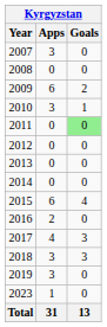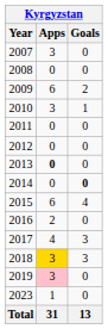 <table class="wikitable" style="text-align:center">
 <tr>
 <th colspan=3><a href='#'>Kyrgyzstan</a></th>
 </tr>
 <tr>
 <th>Year</th>
 <th>Apps</th>
 <th>Goals</th>
 </tr>
 <tr>
 <td>2007</td>
 <td>3</td>
 <td>0</td>
 </tr>
 <tr>
 <td>2008</td>
 <td>0</td>
 <td>0</td>
 </tr>
 <tr>
 <td>2009</td>
 <td>6</td>
 <td>2</td>
 </tr>
 <tr>
 <td>2010</td>
 <td>3</td>
 <td>1</td>
 </tr>
 <tr>
 <td>2011</td>
 <td>0</td>
-<td style="background: lightgreen;">0</td>
+<td>0</td>
 </tr>
 <tr>
 <td>2012</td>
 <td>0</td>
 <td>0</td>
 </tr>
 <tr>
 <td>2013</td>
-<td>0</td>
+<td><strong>0</strong></td>
 <td>0</td>
 </tr>
 <tr>
 <td>2014</td>
 <td>0</td>
-<td>0</td>
+<td><strong>0</strong></td>
 </tr>
 <tr>
 <td>2015</td>
 <td>6</td>
 <td>4</td>
 </tr>
 <tr>
 <td>2016</td>
 <td>2</td>
 <td>0</td>
 </tr>
 <tr>
 <td>2017</td>
 <td>4</td>
 <td>3</td>
 </tr>
 <tr>
 <td>2018</td>
-<td>3</td>
+<td style="background: gold;">3</td>
 <td>3</td>
 </tr>
 <tr>
 <td>2019</td>
-<td>3</td>
+<td style="background: pink;">3</td>
 <td>0</td>
 </tr>
 <tr>
 <td>2023</td>
 <td>1</td>
 <td>0</td>
 </tr>
 <tr>
 <th>Total</th>
 <th>31</th>
 <th>13</th>
 </tr>
 </table>
